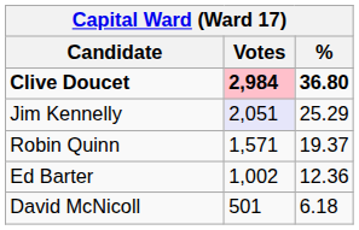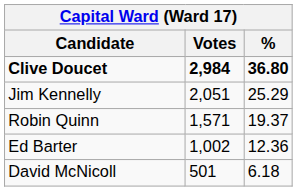 <table class="wikitable">
 <tr>
 <th colspan="3"><a href='#'>Capital Ward</a> (Ward 17)</th>
 </tr>
 <tr>
 <th style="width: 170px">Candidate</th>
 <th style="width: 50px">Votes</th>
 <th style="width: 40px">%</th>
 </tr>
 <tr>
 <td><strong>Clive Doucet</strong></td>
-<td style="background: pink;"><strong>2,984</strong></td>
+<td><strong>2,984</strong></td>
 <td><strong>36.80</strong></td>
 </tr>
 <tr>
 <td>Jim Kennelly</td>
-<td style="background: lavender;">2,051</td>
+<td>2,051</td>
 <td>25.29</td>
 </tr>
 <tr>
 <td>Robin Quinn</td>
 <td>1,571</td>
 <td>19.37</td>
 </tr>
 <tr>
 <td>Ed Barter</td>
 <td>1,002</td>
 <td>12.36</td>
 </tr>
 <tr>
 <td>David McNicoll</td>
 <td>501</td>
 <td>6.18</td>
 </tr>
 </table>
